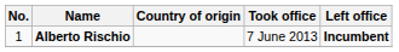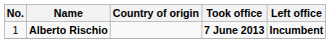 <table class="wikitable" style="font-size:90%; text-align:left">
 <tr>
 <th>No.</th>
 <th>Name</th>
 <th>Country of origin</th>
 <th>Took office</th>
 <th>Left office</th>
 </tr>
 <tr>
 <td align=center>1</td>
 <td><strong>Alberto Rischio</strong></td>
 <td></td>
-<td>7 June 2013</td>
+<td><strong>7 June 2013</strong></td>
 <td><strong>Incumbent</strong></td>
 </tr>
 <tr>
 </tr>
 </table>
